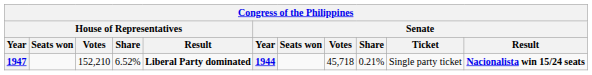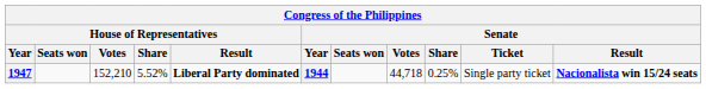 <table class="wikitable" style="text-align:center; font-size:90%">
 <tr>
 <th colspan="11"><a href='#'>Congress of the Philippines</a></th>
 </tr>
 <tr>
 <th colspan="5">House of Representatives</th>
 <th colspan="6">Senate</th>
 </tr>
 <tr>
 <th>Year</th>
 <th>Seats won</th>
 <th>Votes</th>
 <th>Share</th>
 <th>Result</th>
 <th>Year</th>
 <th>Seats won</th>
 <th>Votes</th>
 <th>Share</th>
 <th>Ticket</th>
 <th>Result</th>
 </tr>
 <tr>
 <th><a href='#'>1947</a></th>
 <td></td>
 <td>152,210</td>
-<td>6.52%</td>
+<td>5.52%</td>
 <td><strong>Liberal Party dominated</strong></td>
 <th><a href='#'>1944</a></th>
 <td></td>
-<td>45,718</td>
-<td>0.21%</td>
+<td>44,718</td>
+<td>0.25%</td>
 <td>Single party ticket</td>
 <td><strong><a href='#'>Nacionalista</a> win 15/24 seats</strong></td>
 </tr>
 </table>
